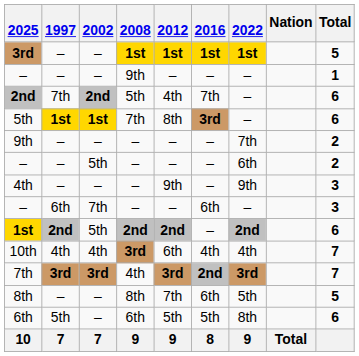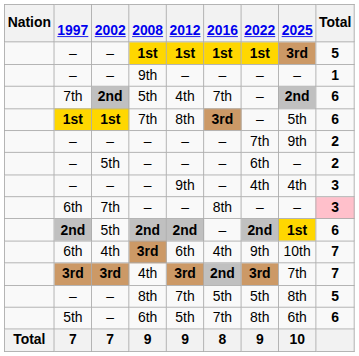 <table class="wikitable" style="text-align:center">
 <tr>
-<th><br><a href='#'>2025</a></th>
+<th>Nation</th>
 <th><br><a href='#'>1997</a></th>
 <th><br><a href='#'>2002</a></th>
 <th><br><a href='#'>2008</a></th>
 <th><br><a href='#'>2012</a></th>
 <th><br><a href='#'>2016</a></th>
 <th><br><a href='#'>2022</a></th>
-<th>Nation</th>
+<th><br><a href='#'>2025</a></th>
 <th>Total</th>
 </tr>
 <tr>
-<td bgcolor=cc9966><strong>3rd</strong></td>
+<td align=left></td>
 <td>–</td>
 <td>–</td>
 <td bgcolor=gold><strong>1st</strong></td>
 <td bgcolor=gold><strong>1st</strong></td>
 <td bgcolor=gold><strong>1st</strong></td>
 <td bgcolor=gold><strong>1st</strong></td>
-<td align=left></td>
+<td bgcolor=cc9966><strong>3rd</strong></td>
 <td><strong>5</strong></td>
 </tr>
 <tr>
-<td>–</td>
+<td align=left></td>
 <td>–</td>
 <td>–</td>
 <td>9th</td>
 <td>–</td>
 <td>–</td>
 <td>–</td>
-<td align=left></td>
+<td>–</td>
 <td><strong>1</strong></td>
 </tr>
 <tr>
-<td bgcolor=silver><strong>2nd</strong></td>
+<td align=left></td>
 <td>7th</td>
 <td bgcolor=silver><strong>2nd</strong></td>
 <td>5th</td>
 <td>4th</td>
 <td>7th</td>
 <td>–</td>
-<td align=left></td>
+<td bgcolor=silver><strong>2nd</strong></td>
 <td><strong>6</strong></td>
 </tr>
 <tr>
-<td>5th</td>
+<td align=left></td>
 <td bgcolor=gold><strong>1st</strong></td>
 <td bgcolor=gold><strong>1st</strong></td>
 <td>7th</td>
 <td>8th</td>
 <td bgcolor=cc9966><strong>3rd</strong></td>
 <td>–</td>
-<td align=left></td>
+<td>5th</td>
 <td><strong>6</strong></td>
 </tr>
 <tr>
-<td>9th</td>
+<td align=left></td>
 <td>–</td>
 <td>–</td>
 <td>–</td>
 <td>–</td>
 <td>–</td>
 <td>7th</td>
-<td align=left></td>
+<td>9th</td>
 <td><strong>2</strong></td>
 </tr>
 <tr>
-<td>–</td>
+<td align=left></td>
 <td>–</td>
 <td>5th</td>
 <td>–</td>
 <td>–</td>
 <td>–</td>
 <td>6th</td>
-<td align=left></td>
+<td>–</td>
 <td><strong>2</strong></td>
 </tr>
 <tr>
-<td>4th</td>
+<td align=left></td>
 <td>–</td>
 <td>–</td>
 <td>–</td>
 <td>9th</td>
 <td>–</td>
-<td>9th</td>
-<td align=left></td>
+<td>4th</td>
+<td>4th</td>
 <td><strong>3</strong></td>
 </tr>
 <tr>
-<td>–</td>
+<td align=left></td>
 <td>6th</td>
 <td>7th</td>
 <td>–</td>
 <td>–</td>
-<td>6th</td>
+<td>8th</td>
 <td>–</td>
-<td align=left></td>
-<td><strong>3</strong></td>
+<td>–</td>
+<td style="background: pink;"><strong>3</strong></td>
 </tr>
 <tr>
-<td bgcolor=gold><strong>1st</strong></td>
+<td align=left></td>
 <td bgcolor=silver><strong>2nd</strong></td>
 <td>5th</td>
 <td bgcolor=silver><strong>2nd</strong></td>
 <td bgcolor=silver><strong>2nd</strong></td>
 <td>–</td>
 <td bgcolor=silver><strong>2nd</strong></td>
-<td align=left></td>
+<td bgcolor=gold><strong>1st</strong></td>
 <td><strong>6</strong></td>
 </tr>
 <tr>
-<td>10th</td>
-<td>4th</td>
+<td align=left></td>
+<td>6th</td>
 <td>4th</td>
 <td bgcolor=cc9966><strong>3rd</strong></td>
 <td>6th</td>
 <td>4th</td>
-<td>4th</td>
-<td align=left></td>
+<td>9th</td>
+<td>10th</td>
 <td><strong>7</strong></td>
 </tr>
 <tr>
-<td>7th</td>
+<td align=left></td>
 <td bgcolor=cc9966><strong>3rd</strong></td>
 <td bgcolor=cc9966><strong>3rd</strong></td>
 <td>4th</td>
 <td bgcolor=cc9966><strong>3rd</strong></td>
 <td bgcolor=silver><strong>2nd</strong></td>
 <td bgcolor=cc9966><strong>3rd</strong></td>
-<td align=left></td>
+<td>7th</td>
 <td><strong>7</strong></td>
 </tr>
 <tr>
-<td>8th</td>
+<td align=left></td>
 <td>–</td>
 <td>–</td>
 <td>8th</td>
 <td>7th</td>
-<td>6th</td>
 <td>5th</td>
-<td align=left></td>
+<td>5th</td>
+<td>8th</td>
 <td><strong>5</strong></td>
 </tr>
 <tr>
-<td>6th</td>
+<td align=left></td>
 <td>5th</td>
 <td>–</td>
 <td>6th</td>
 <td>5th</td>
-<td>5th</td>
+<td>7th</td>
 <td>8th</td>
-<td align=left></td>
+<td>6th</td>
 <td><strong>6</strong></td>
 </tr>
 <tr>
-<th>10</th>
+<th>Total</th>
 <th>7</th>
 <th>7</th>
 <th>9</th>
 <th>9</th>
 <th>8</th>
 <th>9</th>
-<th>Total</th>
+<th>10</th>
 <th></th>
 </tr>
 </table>
